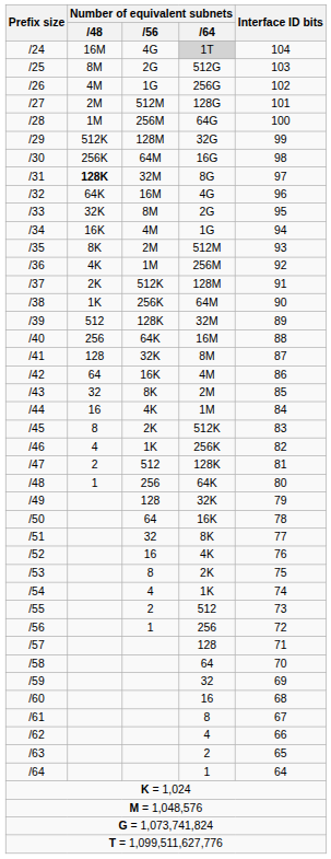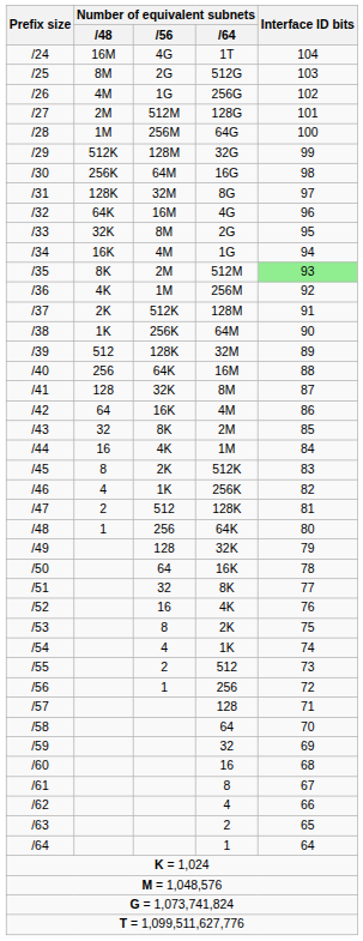 <table class="wikitable" style="text-align: center; margin-left: auto; margin-right: auto; border: none;">
 <tr>
 <th rowspan="2">Prefix size</th>
 <th colspan="3">Number of equivalent subnets</th>
 <th rowspan="2">Interface ID bits</th>
 </tr>
 <tr>
 <th>/48</th>
 <th>/56</th>
 <th>/64</th>
 </tr>
 <tr>
 <td>/24</td>
 <td>16M</td>
 <td>4G</td>
-<td style="background: lightgrey;">1T</td>
+<td>1T</td>
 <td>104</td>
 </tr>
 <tr>
 <td>/25</td>
 <td>8M</td>
 <td>2G</td>
 <td>512G</td>
 <td>103</td>
 </tr>
 <tr>
 <td>/26</td>
 <td>4M</td>
 <td>1G</td>
 <td>256G</td>
 <td>102</td>
 </tr>
 <tr>
 <td>/27</td>
 <td>2M</td>
 <td>512M</td>
 <td>128G</td>
 <td>101</td>
 </tr>
 <tr>
 <td>/28</td>
 <td>1M</td>
 <td>256M</td>
 <td>64G</td>
 <td>100</td>
 </tr>
 <tr>
 <td>/29</td>
 <td>512K</td>
 <td>128M</td>
 <td>32G</td>
 <td>99</td>
 </tr>
 <tr>
 <td>/30</td>
 <td>256K</td>
 <td>64M</td>
 <td>16G</td>
 <td>98</td>
 </tr>
 <tr>
 <td>/31</td>
-<td><strong>128K</strong></td>
+<td>128K</td>
 <td>32M</td>
 <td>8G</td>
 <td>97</td>
 </tr>
 <tr>
 <td>/32</td>
 <td>64K</td>
 <td>16M</td>
 <td>4G</td>
 <td>96</td>
 </tr>
 <tr>
 <td>/33</td>
 <td>32K</td>
 <td>8M</td>
 <td>2G</td>
 <td>95</td>
 </tr>
 <tr>
 <td>/34</td>
 <td>16K</td>
 <td>4M</td>
 <td>1G</td>
 <td>94</td>
 </tr>
 <tr>
 <td>/35</td>
 <td>8K</td>
 <td>2M</td>
 <td>512M</td>
-<td>93</td>
+<td style="background: lightgreen;">93</td>
 </tr>
 <tr>
 <td>/36</td>
 <td>4K</td>
 <td>1M</td>
 <td>256M</td>
 <td>92</td>
 </tr>
 <tr>
 <td>/37</td>
 <td>2K</td>
 <td>512K</td>
 <td>128M</td>
 <td>91</td>
 </tr>
 <tr>
 <td>/38</td>
 <td>1K</td>
 <td>256K</td>
 <td>64M</td>
 <td>90</td>
 </tr>
 <tr>
 <td>/39</td>
 <td>512</td>
 <td>128K</td>
 <td>32M</td>
 <td>89</td>
 </tr>
 <tr>
 <td>/40</td>
 <td>256</td>
 <td>64K</td>
 <td>16M</td>
 <td>88</td>
 </tr>
 <tr>
 <td>/41</td>
 <td>128</td>
 <td>32K</td>
 <td>8M</td>
 <td>87</td>
 </tr>
 <tr>
 <td>/42</td>
 <td>64</td>
 <td>16K</td>
 <td>4M</td>
 <td>86</td>
 </tr>
 <tr>
 <td>/43</td>
 <td>32</td>
 <td>8K</td>
 <td>2M</td>
 <td>85</td>
 </tr>
 <tr>
 <td>/44</td>
 <td>16</td>
 <td>4K</td>
 <td>1M</td>
 <td>84</td>
 </tr>
 <tr>
 <td>/45</td>
 <td>8</td>
 <td>2K</td>
 <td>512K</td>
 <td>83</td>
 </tr>
 <tr>
 <td>/46</td>
 <td>4</td>
 <td>1K</td>
 <td>256K</td>
 <td>82</td>
 </tr>
 <tr>
 <td>/47</td>
 <td>2</td>
 <td>512</td>
 <td>128K</td>
 <td>81</td>
 </tr>
 <tr>
 <td>/48</td>
 <td>1</td>
 <td>256</td>
 <td>64K</td>
 <td>80</td>
 </tr>
 <tr>
 <td>/49</td>
 <td></td>
 <td>128</td>
 <td>32K</td>
 <td>79</td>
 </tr>
 <tr>
 <td>/50</td>
 <td></td>
 <td>64</td>
 <td>16K</td>
 <td>78</td>
 </tr>
 <tr>
 <td>/51</td>
 <td></td>
 <td>32</td>
 <td>8K</td>
 <td>77</td>
 </tr>
 <tr>
 <td>/52</td>
 <td></td>
 <td>16</td>
 <td>4K</td>
 <td>76</td>
 </tr>
 <tr>
 <td>/53</td>
 <td></td>
 <td>8</td>
 <td>2K</td>
 <td>75</td>
 </tr>
 <tr>
 <td>/54</td>
 <td></td>
 <td>4</td>
 <td>1K</td>
 <td>74</td>
 </tr>
 <tr>
 <td>/55</td>
 <td></td>
 <td>2</td>
 <td>512</td>
 <td>73</td>
 </tr>
 <tr>
 <td>/56</td>
 <td></td>
 <td>1</td>
 <td>256</td>
 <td>72</td>
 </tr>
 <tr>
 <td>/57</td>
 <td></td>
 <td></td>
 <td>128</td>
 <td>71</td>
 </tr>
 <tr>
 <td>/58</td>
 <td></td>
 <td></td>
 <td>64</td>
 <td>70</td>
 </tr>
 <tr>
 <td>/59</td>
 <td></td>
 <td></td>
 <td>32</td>
 <td>69</td>
 </tr>
 <tr>
 <td>/60</td>
 <td></td>
 <td></td>
 <td>16</td>
 <td>68</td>
 </tr>
 <tr>
 <td>/61</td>
 <td></td>
 <td></td>
 <td>8</td>
 <td>67</td>
 </tr>
 <tr>
 <td>/62</td>
 <td></td>
 <td></td>
 <td>4</td>
 <td>66</td>
 </tr>
 <tr>
 <td>/63</td>
 <td></td>
 <td></td>
 <td>2</td>
 <td>65</td>
 </tr>
 <tr>
 <td>/64</td>
 <td></td>
 <td></td>
 <td>1</td>
 <td>64</td>
 </tr>
 <tr>
 <td colspan="5"><strong>K</strong> = 1,024</td>
 </tr>
 <tr>
 <td colspan="5"><strong>M</strong> = 1,048,576</td>
 </tr>
 <tr>
 <td colspan="5"><strong>G</strong> = 1,073,741,824</td>
 </tr>
 <tr>
 <td colspan="5"><strong>T</strong> = 1,099,511,627,776</td>
 </tr>
 </table>
